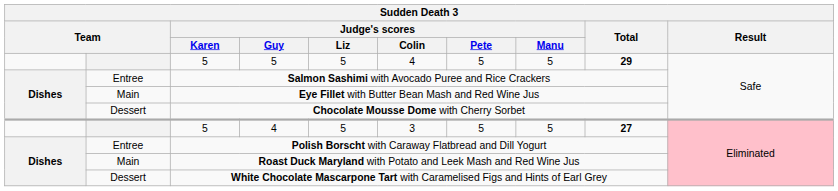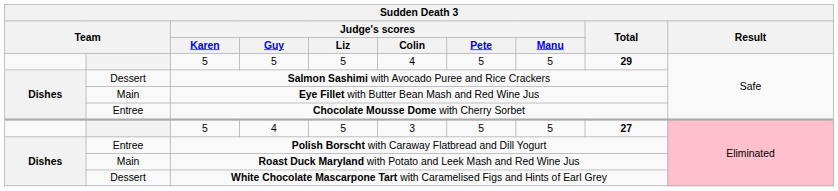 <table class="wikitable plainrowheaders" style="margin: 1em auto; text-align:center; font-size:90%; width:80em;">
 <tr>
 <th colspan="10" >Sudden Death 3</th>
 </tr>
 <tr>
 <th rowspan="2" style="width:20%;" colspan="2">Team</th>
 <th colspan="6" style="width:50%;">Judge's scores</th>
 <th rowspan="2" style="width:10%;">Total<br></th>
 <th rowspan="2" style="width:20%;">Result</th>
 </tr>
 <tr>
 <th style="width:50px;"><a href='#'>Karen</a></th>
 <th style="width:50px;"><a href='#'>Guy</a></th>
 <th style="width:50px;">Liz</th>
 <th style="width:50px;">Colin</th>
 <th style="width:50px;"><a href='#'>Pete</a></th>
 <th style="width:50px;"><a href='#'>Manu</a></th>
 </tr>
 <tr>
 <td></td>
 <th style="text-align:centre"></th>
 <td>5</td>
 <td>5</td>
 <td>5</td>
 <td>4</td>
 <td>5</td>
 <td>5</td>
 <td><strong>29</strong></td>
 <td rowspan="4">Safe</td>
 </tr>
 <tr>
 <th rowspan="3">Dishes</th>
-<td>Entree</td>
+<td>Dessert</td>
 <td colspan="7"><strong>Salmon Sashimi</strong> with Avocado Puree and Rice Crackers</td>
 </tr>
 <tr>
 <td>Main</td>
 <td colspan="7"><strong>Eye Fillet</strong> with Butter Bean Mash and Red Wine Jus</td>
 </tr>
 <tr>
-<td>Dessert</td>
+<td>Entree</td>
 <td colspan="7"><strong>Chocolate Mousse Dome</strong> with Cherry Sorbet</td>
 </tr>
 <tr style="border-top:3px solid #aaa;">
 <td></td>
 <th style="text-align:centre"></th>
 <td>5</td>
 <td>4</td>
 <td>5</td>
 <td>3</td>
 <td>5</td>
 <td>5</td>
 <td><strong>27</strong></td>
 <td rowspan="4" style="background:pink">Eliminated</td>
 </tr>
 <tr>
 <th rowspan="3">Dishes</th>
 <td>Entree</td>
 <td colspan="7"><strong>Polish Borscht</strong> with Caraway Flatbread and Dill Yogurt</td>
 </tr>
 <tr>
 <td>Main</td>
 <td colspan="7"><strong>Roast Duck Maryland</strong> with Potato and Leek Mash and Red Wine Jus</td>
 </tr>
 <tr>
 <td>Dessert</td>
 <td colspan="7"><strong>White Chocolate Mascarpone Tart</strong> with Caramelised Figs and Hints of Earl Grey</td>
 </tr>
 </table>
